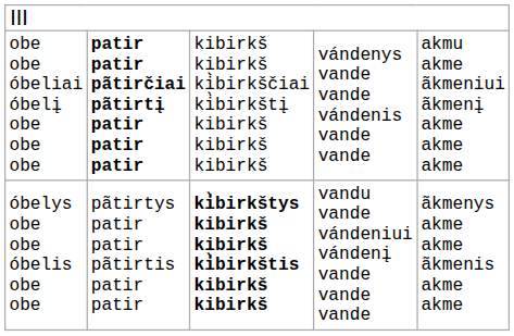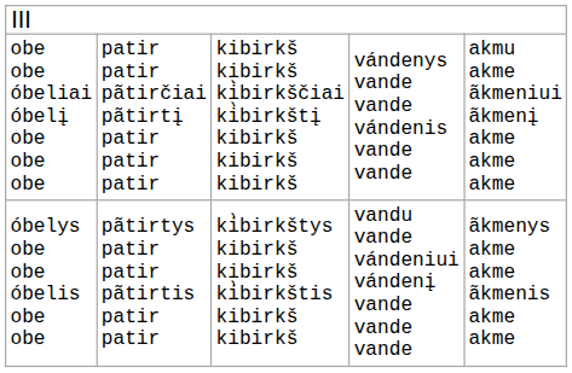 <table class=wikitable style="font-family: monospace; background:#FFFFFF">
 <tr style="font-family: sans-serif; line-height: 0.7em">
 <td colspan=6>III</td>
 </tr>
 <tr>
 <td>obe<br>obe<br>óbeliai<br>óbelį<br>obe<br>obe<br>obe</td>
-<td><strong>patir<br>patir<br>pãtirčiai<br>pãtirtį<br>patir<br>patir<br>patir</strong></td>
+<td>patir<br>patir<br>pãtirčiai<br>pãtirtį<br>patir<br>patir<br>patir</td>
 <td>kibirkš<br>kibirkš<br>ki̇̀birkščiai<br>ki̇̀birkštį<br>kibirkš<br>kibirkš<br>kibirkš</td>
 <td>vándenys<br>vande<br>vande<br>vándenis<br>vande<br>vande</td>
 <td>akmu<br>akme<br>ãkmeniui<br>ãkmenį<br>akme<br>akme<br>akme</td>
 </tr>
 <tr>
 <td>óbelys<br>obe<br>obe<br>óbelis<br>obe<br>obe</td>
 <td>pãtirtys<br>patir<br>patir<br>pãtirtis<br>patir<br>patir</td>
-<td><strong>ki̇̀birkštys<br>kibirkš<br>kibirkš<br>ki̇̀birkštis<br>kibirkš<br>kibirkš</strong></td>
+<td>ki̇̀birkštys<br>kibirkš<br>kibirkš<br>ki̇̀birkštis<br>kibirkš<br>kibirkš</td>
 <td>vandu<br>vande<br>vándeniui<br>vándenį<br>vande<br>vande<br>vande</td>
 <td>ãkmenys<br>akme<br>akme<br>ãkmenis<br>akme<br>akme</td>
 </tr>
 </table>
